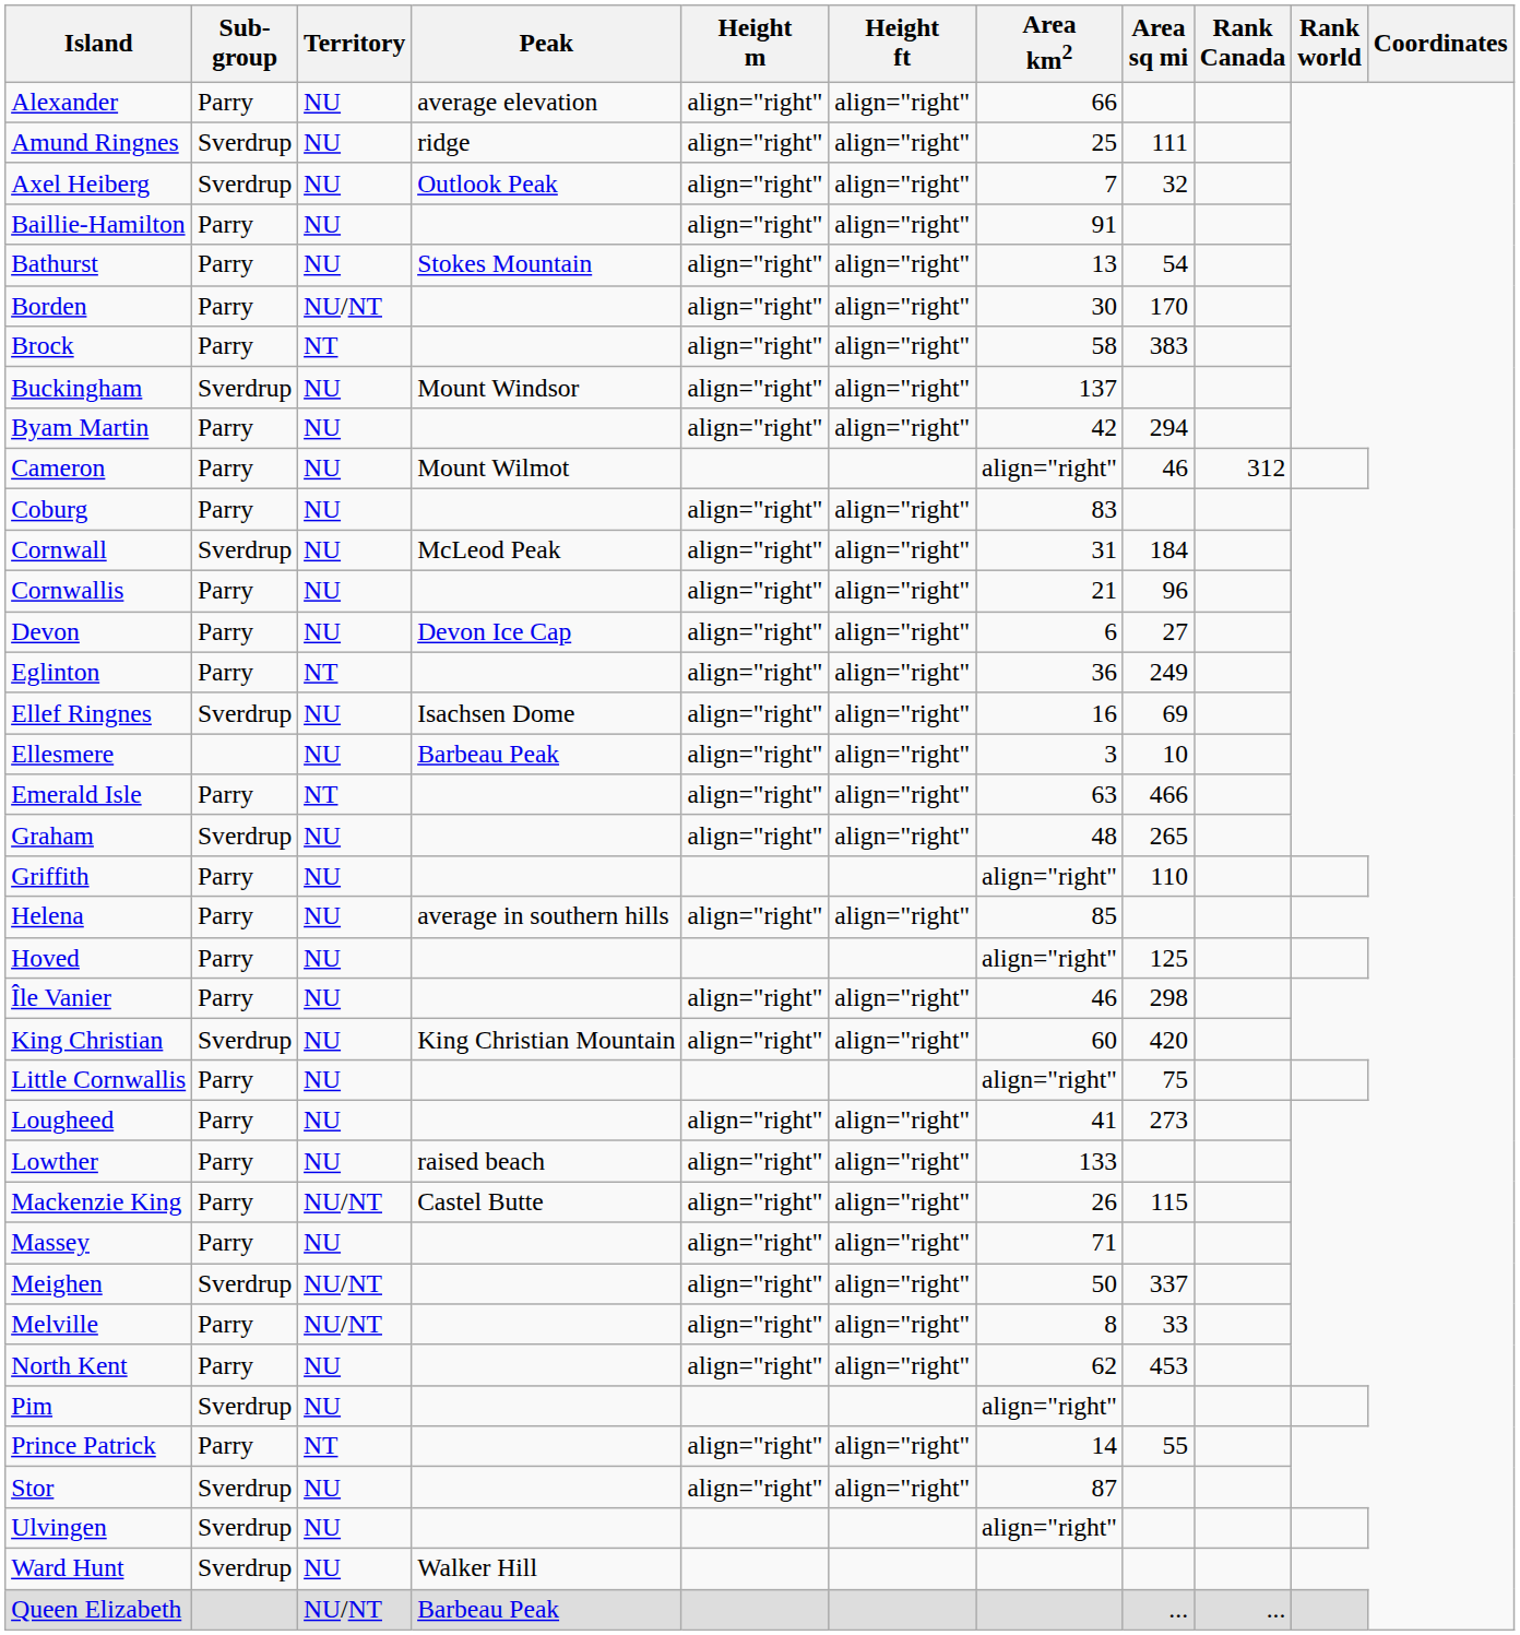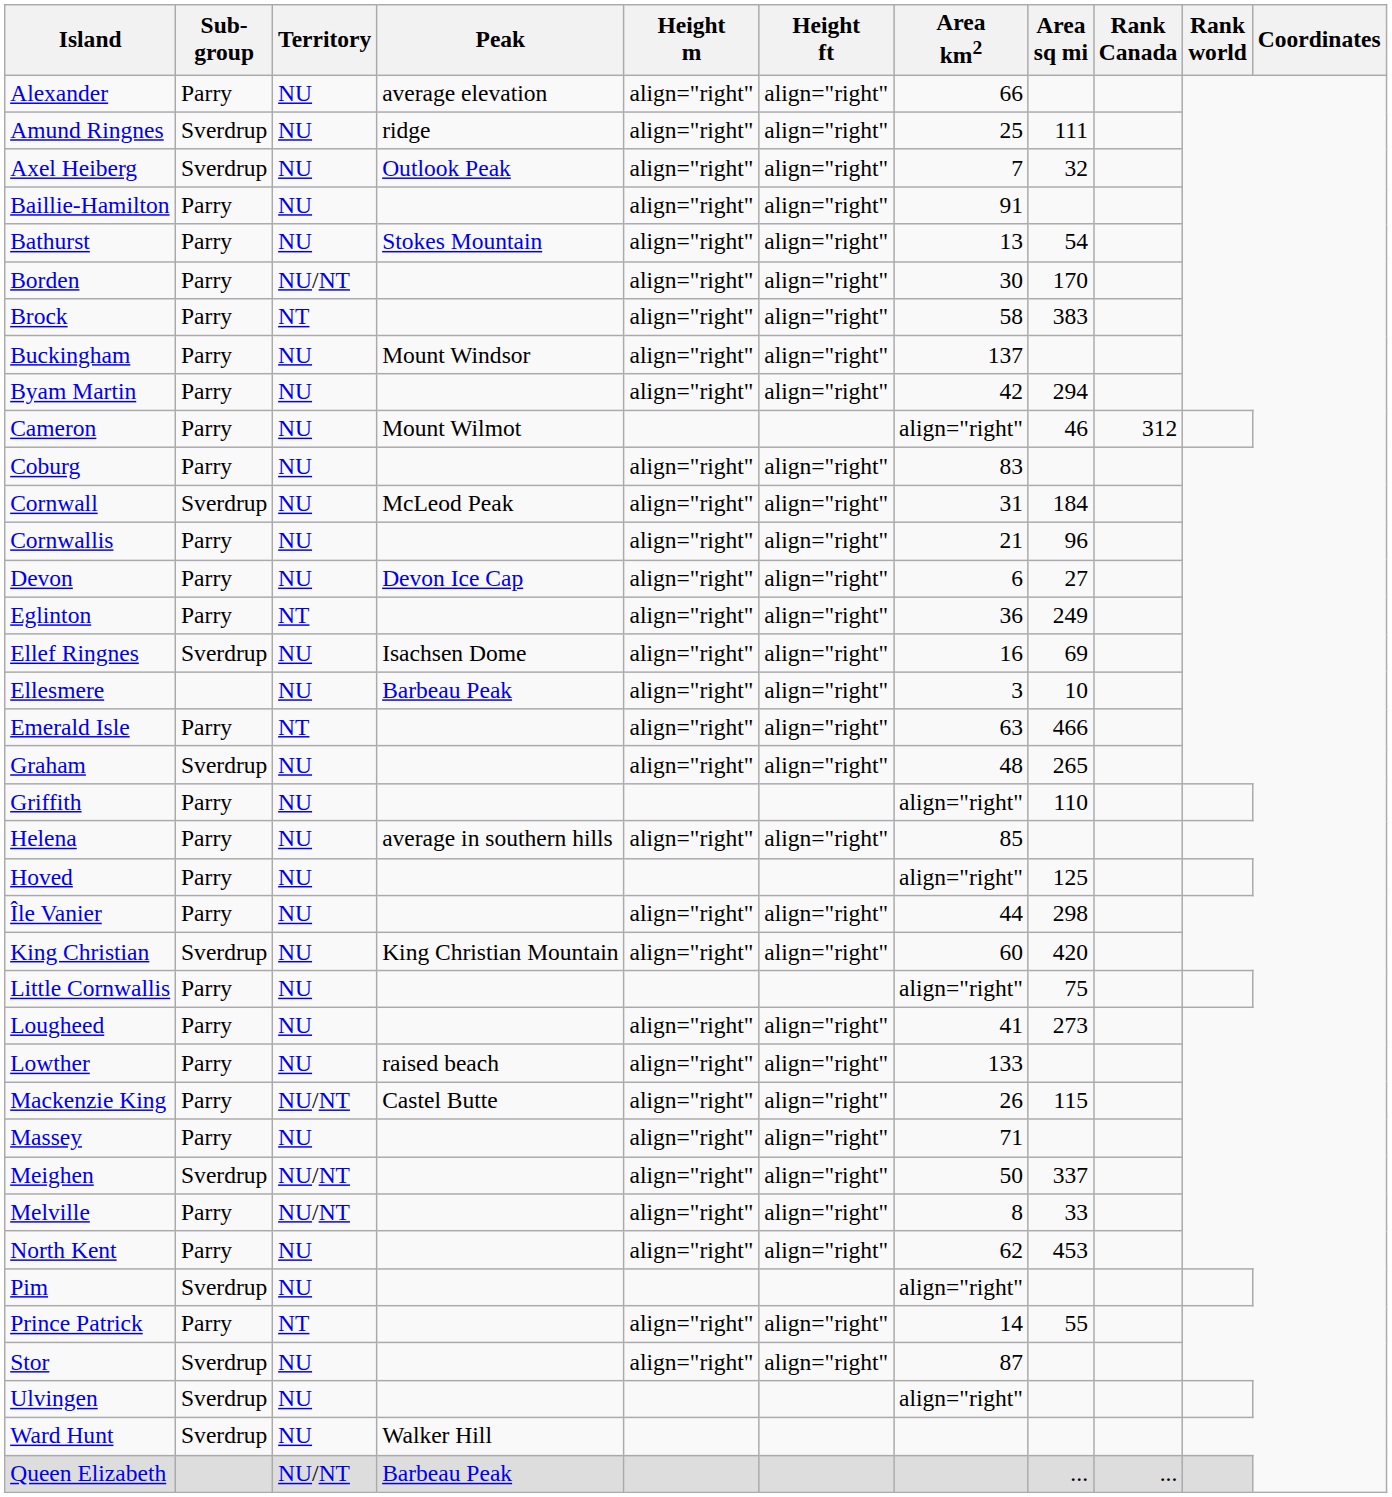 <table class="wikitable sortable">
 <tr>
 <th>Island</th>
 <th>Sub-<br>group</th>
 <th>Territory</th>
 <th>Peak</th>
 <th>Height<br>m</th>
 <th class="unsortable">Height<br>ft</th>
 <th>Area<br>km<sup>2</sup></th>
 <th class="unsortable">Area<br>sq mi</th>
 <th class="unsortable">Rank<br>Canada</th>
 <th class="unsortable">Rank<br>world</th>
 <th>Coordinates</th>
 </tr>
 <tr>
 <td><a href='#'>Alexander</a></td>
 <td>Parry</td>
 <td><a href='#'>NU</a></td>
 <td>average elevation</td>
 <td>align="right" </td>
 <td>align="right" </td>
 <td style="text-align:right;">66</td>
 <td style="text-align:right;"> </td>
 <td></td>
 </tr>
 <tr>
 <td><a href='#'>Amund Ringnes</a></td>
 <td>Sverdrup</td>
 <td><a href='#'>NU</a></td>
 <td>ridge</td>
 <td>align="right" </td>
 <td>align="right" </td>
 <td style="text-align:right;">25</td>
 <td style="text-align:right;">111</td>
 <td></td>
 </tr>
 <tr>
 <td><a href='#'>Axel Heiberg</a></td>
 <td>Sverdrup</td>
 <td><a href='#'>NU</a></td>
 <td><a href='#'>Outlook Peak</a></td>
 <td>align="right" </td>
 <td>align="right" </td>
 <td style="text-align:right;">7</td>
 <td style="text-align:right;">32</td>
 <td></td>
 </tr>
 <tr>
 <td><a href='#'>Baillie-Hamilton</a></td>
 <td>Parry</td>
 <td><a href='#'>NU</a></td>
 <td> </td>
 <td>align="right" </td>
 <td>align="right" </td>
 <td style="text-align:right;">91</td>
 <td style="text-align:right;"> </td>
 <td></td>
 </tr>
 <tr>
 <td><a href='#'>Bathurst</a></td>
 <td>Parry</td>
 <td><a href='#'>NU</a></td>
 <td><a href='#'>Stokes Mountain</a></td>
 <td>align="right" </td>
 <td>align="right" </td>
 <td style="text-align:right;">13</td>
 <td style="text-align:right;">54</td>
 <td></td>
 </tr>
 <tr>
 <td><a href='#'>Borden</a></td>
 <td>Parry</td>
 <td><a href='#'>NU</a>/<a href='#'>NT</a></td>
 <td> </td>
 <td>align="right" </td>
 <td>align="right" </td>
 <td style="text-align:right;">30</td>
 <td style="text-align:right;">170</td>
 <td></td>
 </tr>
 <tr>
 <td><a href='#'>Brock</a></td>
 <td>Parry</td>
 <td><a href='#'>NT</a></td>
 <td> </td>
 <td>align="right" </td>
 <td>align="right" </td>
 <td style="text-align:right;">58</td>
 <td style="text-align:right;">383</td>
 <td></td>
 </tr>
 <tr>
 <td><a href='#'>Buckingham</a></td>
-<td>Sverdrup</td>
+<td>Parry</td>
 <td><a href='#'>NU</a></td>
 <td>Mount Windsor</td>
 <td>align="right" </td>
 <td>align="right" </td>
 <td style="text-align:right;">137</td>
 <td style="text-align:right;"> </td>
 <td></td>
 </tr>
 <tr>
 <td><a href='#'>Byam Martin</a></td>
 <td>Parry</td>
 <td><a href='#'>NU</a></td>
 <td> </td>
 <td>align="right" </td>
 <td>align="right" </td>
 <td style="text-align:right;">42</td>
 <td style="text-align:right;">294</td>
 <td></td>
 </tr>
 <tr>
 <td><a href='#'>Cameron</a></td>
 <td>Parry</td>
 <td><a href='#'>NU</a></td>
 <td>Mount Wilmot</td>
 <td style="text-align:right;"> </td>
 <td> </td>
 <td>align="right" </td>
 <td style="text-align:right;">46</td>
 <td style="text-align:right;">312</td>
 <td></td>
 </tr>
 <tr>
 <td><a href='#'>Coburg</a></td>
 <td>Parry</td>
 <td><a href='#'>NU</a></td>
 <td> </td>
 <td>align="right" </td>
 <td>align="right" </td>
 <td style="text-align:right;">83</td>
 <td style="text-align:right;"> </td>
 <td></td>
 </tr>
 <tr>
 <td><a href='#'>Cornwall</a></td>
 <td>Sverdrup</td>
 <td><a href='#'>NU</a></td>
 <td>McLeod Peak</td>
 <td>align="right" </td>
 <td>align="right" </td>
 <td style="text-align:right;">31</td>
 <td style="text-align:right;">184</td>
 <td></td>
 </tr>
 <tr>
 <td><a href='#'>Cornwallis</a></td>
 <td>Parry</td>
 <td><a href='#'>NU</a></td>
 <td> </td>
 <td>align="right" </td>
 <td>align="right" </td>
 <td style="text-align:right;">21</td>
 <td style="text-align:right;">96</td>
 <td></td>
 </tr>
 <tr>
 <td><a href='#'>Devon</a></td>
 <td>Parry</td>
 <td><a href='#'>NU</a></td>
 <td><a href='#'>Devon Ice Cap</a></td>
 <td>align="right" </td>
 <td>align="right" </td>
 <td style="text-align:right;">6</td>
 <td style="text-align:right;">27</td>
 <td></td>
 </tr>
 <tr>
 <td><a href='#'>Eglinton</a></td>
 <td>Parry</td>
 <td><a href='#'>NT</a></td>
 <td> </td>
 <td>align="right" </td>
 <td>align="right" </td>
 <td style="text-align:right;">36</td>
 <td style="text-align:right;">249</td>
 <td></td>
 </tr>
 <tr>
 <td><a href='#'>Ellef Ringnes</a></td>
 <td>Sverdrup</td>
 <td><a href='#'>NU</a></td>
 <td>Isachsen Dome</td>
 <td>align="right" </td>
 <td>align="right" </td>
 <td style="text-align:right;">16</td>
 <td style="text-align:right;">69</td>
 <td></td>
 </tr>
 <tr>
 <td><a href='#'>Ellesmere</a></td>
 <td></td>
 <td><a href='#'>NU</a></td>
 <td><a href='#'>Barbeau Peak</a></td>
 <td>align="right" </td>
 <td>align="right" </td>
 <td style="text-align:right;">3</td>
 <td style="text-align:right;">10</td>
 <td></td>
 </tr>
 <tr>
 <td><a href='#'>Emerald Isle</a></td>
 <td>Parry</td>
 <td><a href='#'>NT</a></td>
 <td> </td>
 <td>align="right" </td>
 <td>align="right" </td>
 <td style="text-align:right;">63</td>
 <td style="text-align:right;">466</td>
 <td></td>
 </tr>
 <tr>
 <td><a href='#'>Graham</a></td>
 <td>Sverdrup</td>
 <td><a href='#'>NU</a></td>
 <td> </td>
 <td>align="right" </td>
 <td>align="right" </td>
 <td style="text-align:right;">48</td>
 <td style="text-align:right;">265</td>
 <td></td>
 </tr>
 <tr>
 <td><a href='#'>Griffith</a></td>
 <td>Parry</td>
 <td><a href='#'>NU</a></td>
 <td> </td>
 <td style="text-align:right;"> </td>
 <td> </td>
 <td>align="right" </td>
 <td style="text-align:right;">110</td>
 <td style="text-align:right;"> </td>
 <td></td>
 </tr>
 <tr>
 <td><a href='#'>Helena</a></td>
 <td>Parry</td>
 <td><a href='#'>NU</a></td>
 <td>average in southern hills</td>
 <td>align="right" </td>
 <td>align="right" </td>
 <td style="text-align:right;">85</td>
 <td style="text-align:right;"> </td>
 <td></td>
 </tr>
 <tr>
 <td><a href='#'>Hoved</a></td>
 <td>Parry</td>
 <td><a href='#'>NU</a></td>
 <td> </td>
 <td style="text-align:right;"> </td>
 <td> </td>
 <td>align="right" </td>
 <td style="text-align:right;">125</td>
 <td style="text-align:right;"> </td>
 <td></td>
 </tr>
 <tr>
 <td><a href='#'>Île Vanier</a></td>
 <td>Parry</td>
 <td><a href='#'>NU</a></td>
 <td> </td>
 <td>align="right" </td>
 <td>align="right" </td>
-<td style="text-align:right;">46</td>
+<td style="text-align:right;">44</td>
 <td style="text-align:right;">298</td>
 <td></td>
 </tr>
 <tr>
 <td><a href='#'>King Christian</a></td>
 <td>Sverdrup</td>
 <td><a href='#'>NU</a></td>
 <td>King Christian Mountain</td>
 <td>align="right" </td>
 <td>align="right" </td>
 <td style="text-align:right;">60</td>
 <td style="text-align:right;">420</td>
 <td></td>
 </tr>
 <tr>
 <td><a href='#'>Little Cornwallis</a></td>
 <td>Parry</td>
 <td><a href='#'>NU</a></td>
 <td> </td>
 <td style="text-align:right;"> </td>
 <td> </td>
 <td>align="right" </td>
 <td style="text-align:right;">75</td>
 <td style="text-align:right;"> </td>
 <td></td>
 </tr>
 <tr>
 <td><a href='#'>Lougheed</a></td>
 <td>Parry</td>
 <td><a href='#'>NU</a></td>
 <td> </td>
 <td>align="right" </td>
 <td>align="right" </td>
 <td style="text-align:right;">41</td>
 <td style="text-align:right;">273</td>
 <td></td>
 </tr>
 <tr>
 <td><a href='#'>Lowther</a></td>
 <td>Parry</td>
 <td><a href='#'>NU</a></td>
 <td>raised beach</td>
 <td>align="right" </td>
 <td>align="right" </td>
 <td style="text-align:right;">133</td>
 <td style="text-align:right;"> </td>
 <td></td>
 </tr>
 <tr>
 <td><a href='#'>Mackenzie King</a></td>
 <td>Parry</td>
 <td><a href='#'>NU</a>/<a href='#'>NT</a></td>
 <td>Castel Butte</td>
 <td>align="right" </td>
 <td>align="right" </td>
 <td style="text-align:right;">26</td>
 <td style="text-align:right;">115</td>
 <td></td>
 </tr>
 <tr>
 <td><a href='#'>Massey</a></td>
 <td>Parry</td>
 <td><a href='#'>NU</a></td>
 <td> </td>
 <td>align="right" </td>
 <td>align="right" </td>
 <td style="text-align:right;">71</td>
 <td style="text-align:right;"> </td>
 <td></td>
 </tr>
 <tr>
 <td><a href='#'>Meighen</a></td>
 <td>Sverdrup</td>
 <td><a href='#'>NU</a>/<a href='#'>NT</a></td>
 <td> </td>
 <td>align="right" </td>
 <td>align="right" </td>
 <td style="text-align:right;">50</td>
 <td style="text-align:right;">337</td>
 <td></td>
 </tr>
 <tr>
 <td><a href='#'>Melville</a></td>
 <td>Parry</td>
 <td><a href='#'>NU</a>/<a href='#'>NT</a></td>
 <td> </td>
 <td>align="right" </td>
 <td>align="right" </td>
 <td style="text-align:right;">8</td>
 <td style="text-align:right;">33</td>
 <td></td>
 </tr>
 <tr>
 <td><a href='#'>North Kent</a></td>
 <td>Parry</td>
 <td><a href='#'>NU</a></td>
 <td> </td>
 <td>align="right" </td>
 <td>align="right" </td>
 <td style="text-align:right;">62</td>
 <td style="text-align:right;">453</td>
 <td></td>
 </tr>
 <tr>
 <td><a href='#'>Pim</a></td>
 <td>Sverdrup</td>
 <td><a href='#'>NU</a></td>
 <td> </td>
 <td></td>
 <td></td>
 <td>align="right" </td>
 <td></td>
 <td></td>
 <td></td>
 </tr>
 <tr>
 <td><a href='#'>Prince Patrick</a></td>
 <td>Parry</td>
 <td><a href='#'>NT</a></td>
 <td> </td>
 <td>align="right" </td>
 <td>align="right" </td>
 <td style="text-align:right;">14</td>
 <td style="text-align:right;">55</td>
 <td></td>
 </tr>
 <tr>
 <td><a href='#'>Stor</a></td>
 <td>Sverdrup</td>
 <td><a href='#'>NU</a></td>
 <td> </td>
 <td>align="right" </td>
 <td>align="right" </td>
 <td style="text-align:right;">87</td>
 <td style="text-align:right;"> </td>
 <td></td>
 </tr>
 <tr>
 <td><a href='#'>Ulvingen</a></td>
 <td>Sverdrup</td>
 <td><a href='#'>NU</a></td>
 <td> </td>
 <td></td>
 <td></td>
 <td>align="right" </td>
 <td></td>
 <td></td>
 <td><br></td>
 </tr>
 <tr>
 <td><a href='#'>Ward Hunt</a></td>
 <td>Sverdrup</td>
 <td><a href='#'>NU</a></td>
 <td>Walker Hill</td>
 <td></td>
 <td></td>
 <td style="text-align:right;"></td>
 <td style="text-align:right;"> </td>
 <td></td>
 </tr>
 <tr style="background:#ddd;" class="sortbottom">
 <td><a href='#'>Queen Elizabeth</a></td>
 <td></td>
 <td><a href='#'>NU</a>/<a href='#'>NT</a></td>
 <td><a href='#'>Barbeau Peak</a></td>
 <td></td>
 <td></td>
 <td></td>
 <td style="text-align:right;">...</td>
 <td style="text-align:right;">...</td>
 <td></td>
 </tr>
 </table>
